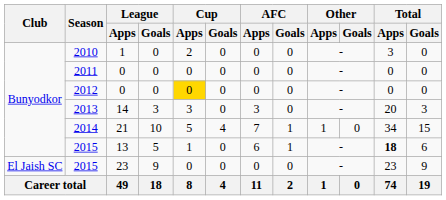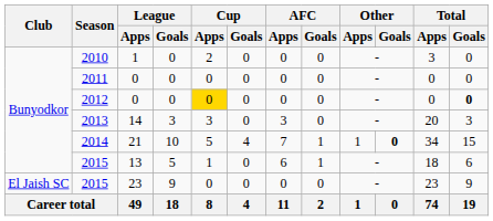 <table class="wikitable" style="text-align: center;">
 <tr>
 <th rowspan="2">Club</th>
 <th rowspan="2">Season</th>
 <th colspan="2">League</th>
 <th colspan="2">Cup</th>
 <th colspan="2">AFC</th>
 <th colspan="2">Other</th>
 <th colspan="2">Total</th>
 </tr>
 <tr>
 <th>Apps</th>
 <th>Goals</th>
 <th>Apps</th>
 <th>Goals</th>
 <th>Apps</th>
 <th>Goals</th>
 <th>Apps</th>
 <th>Goals</th>
 <th>Apps</th>
 <th>Goals</th>
 </tr>
 <tr>
 <td rowspan="6"><a href='#'>Bunyodkor</a></td>
 <td><a href='#'>2010</a></td>
 <td>1</td>
 <td>0</td>
 <td>2</td>
 <td>0</td>
 <td>0</td>
 <td>0</td>
 <td colspan="2">-</td>
 <td>3</td>
 <td>0</td>
 </tr>
 <tr>
 <td><a href='#'>2011</a></td>
 <td>0</td>
 <td>0</td>
 <td>0</td>
 <td>0</td>
 <td>0</td>
 <td>0</td>
 <td colspan="2">-</td>
 <td>0</td>
 <td>0</td>
 </tr>
 <tr>
 <td><a href='#'>2012</a></td>
 <td>0</td>
 <td>0</td>
 <td style="background: gold;">0</td>
 <td>0</td>
 <td>0</td>
 <td>0</td>
 <td colspan="2">-</td>
 <td>0</td>
-<td>0</td>
+<td><strong>0</strong></td>
 </tr>
 <tr>
 <td><a href='#'>2013</a></td>
 <td>14</td>
 <td>3</td>
 <td>3</td>
 <td>0</td>
 <td>3</td>
 <td>0</td>
 <td colspan="2">-</td>
 <td>20</td>
 <td>3</td>
 </tr>
 <tr>
 <td><a href='#'>2014</a></td>
 <td>21</td>
 <td>10</td>
 <td>5</td>
 <td>4</td>
 <td>7</td>
 <td>1</td>
 <td>1</td>
-<td>0</td>
+<td><strong>0</strong></td>
 <td>34</td>
 <td>15</td>
 </tr>
 <tr>
 <td><a href='#'>2015</a></td>
 <td>13</td>
 <td>5</td>
 <td>1</td>
 <td>0</td>
 <td>6</td>
 <td>1</td>
 <td colspan="2">-</td>
-<td><strong>18</strong></td>
+<td>18</td>
 <td>6</td>
 </tr>
 <tr>
 <td><a href='#'>El Jaish SC</a></td>
 <td><a href='#'>2015</a></td>
 <td>23</td>
 <td>9</td>
 <td>0</td>
 <td>0</td>
 <td>0</td>
 <td>0</td>
 <td colspan="2">-</td>
 <td>23</td>
 <td>9</td>
 </tr>
 <tr>
 <th colspan="2">Career total</th>
 <th>49</th>
 <th>18</th>
 <th>8</th>
 <th>4</th>
 <th>11</th>
 <th>2</th>
 <th>1</th>
 <th>0</th>
 <th>74</th>
 <th>19</th>
 </tr>
 </table>
